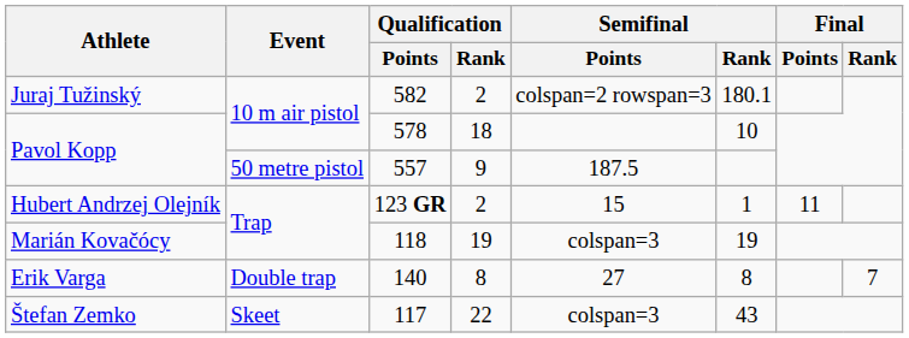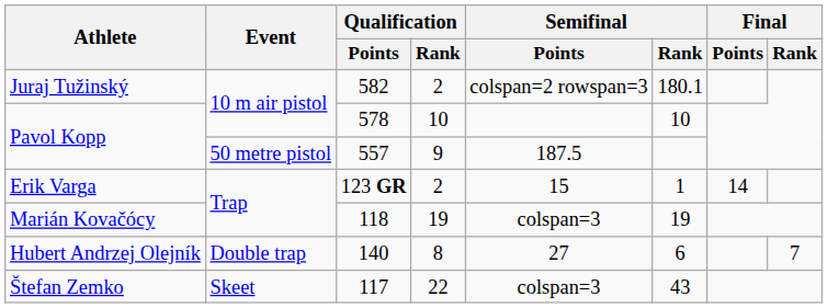 <table class="wikitable" style="font-size:90%">
 <tr>
 <th rowspan="2">Athlete</th>
 <th rowspan="2">Event</th>
 <th colspan=2>Qualification</th>
 <th colspan=2>Semifinal</th>
 <th colspan=2>Final</th>
 </tr>
 <tr style="font-size:95%">
 <th>Points</th>
 <th>Rank</th>
 <th>Points</th>
 <th>Rank</th>
 <th>Points</th>
 <th>Rank</th>
 </tr>
 <tr align=center>
 <td align=left><a href='#'>Juraj Tužinský</a></td>
 <td align=left rowspan=2><a href='#'>10 m air pistol</a></td>
 <td>582</td>
 <td>2</td>
 <td>colspan=2 rowspan=3 </td>
 <td>180.1</td>
 <td></td>
 </tr>
 <tr align=center>
 <td rowspan=2 align=left><a href='#'>Pavol Kopp</a></td>
 <td>578</td>
-<td>18</td>
+<td>10</td>
 <td></td>
 <td>10</td>
 </tr>
 <tr align=center>
 <td align=left><a href='#'>50 metre pistol</a></td>
 <td>557</td>
 <td>9</td>
 <td>187.5</td>
 <td></td>
 </tr>
 <tr align=center>
-<td align=left><a href='#'>Hubert Andrzej Olejník</a></td>
+<td align=left><a href='#'>Erik Varga</a></td>
 <td align=left rowspan=2><a href='#'>Trap</a></td>
 <td>123 <strong>GR</strong></td>
 <td>2</td>
 <td>15</td>
 <td>1</td>
-<td>11</td>
+<td>14</td>
 <td></td>
 </tr>
 <tr align=center>
 <td align=left><a href='#'>Marián Kovačócy</a></td>
 <td>118</td>
 <td>19</td>
 <td>colspan=3 </td>
 <td>19</td>
 </tr>
 <tr align=center>
-<td align=left><a href='#'>Erik Varga</a></td>
+<td align=left><a href='#'>Hubert Andrzej Olejník</a></td>
 <td align=left><a href='#'>Double trap</a></td>
 <td>140</td>
 <td>8</td>
 <td>27</td>
-<td>8</td>
+<td>6</td>
 <td></td>
 <td>7</td>
 </tr>
 <tr align=center>
 <td align=left><a href='#'>Štefan Zemko</a></td>
 <td align=left><a href='#'>Skeet</a></td>
 <td>117</td>
 <td>22</td>
 <td>colspan=3 </td>
 <td>43</td>
 </tr>
 </table>
